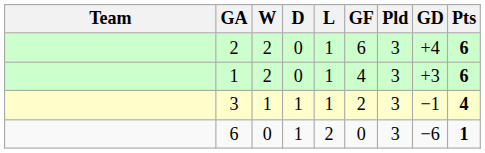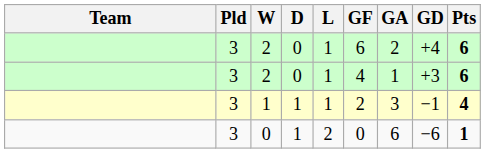 <table class="wikitable" style="text-align:center;">
 <tr>
 <th width=180>Team</th>
-<th width=20>GA</th>
+<th width=20>Pld</th>
 <th width=20>W</th>
 <th width=20>D</th>
 <th width=20>L</th>
 <th width=20>GF</th>
-<th width=20>Pld</th>
+<th width=20>GA</th>
 <th width=20>GD</th>
 <th width=20>Pts</th>
 </tr>
 <tr bgcolor="ccffcc">
 <td align="left"></td>
-<td>2</td>
+<td>3</td>
 <td>2</td>
 <td>0</td>
 <td>1</td>
 <td>6</td>
-<td>3</td>
+<td>2</td>
 <td>+4</td>
 <td><strong>6</strong></td>
 </tr>
 <tr bgcolor="ccffcc">
 <td align="left"></td>
-<td>1</td>
+<td>3</td>
 <td>2</td>
 <td>0</td>
 <td>1</td>
 <td>4</td>
-<td>3</td>
+<td>1</td>
 <td>+3</td>
 <td><strong>6</strong></td>
 </tr>
 <tr bgcolor="ffffcc">
 <td align="left"></td>
 <td>3</td>
 <td>1</td>
 <td>1</td>
 <td>1</td>
 <td>2</td>
 <td>3</td>
 <td>−1</td>
 <td><strong>4</strong></td>
 </tr>
 <tr>
 <td align="left"></td>
-<td>6</td>
+<td>3</td>
 <td>0</td>
 <td>1</td>
 <td>2</td>
 <td>0</td>
-<td>3</td>
+<td>6</td>
 <td>−6</td>
 <td><strong>1</strong></td>
 </tr>
 </table>
